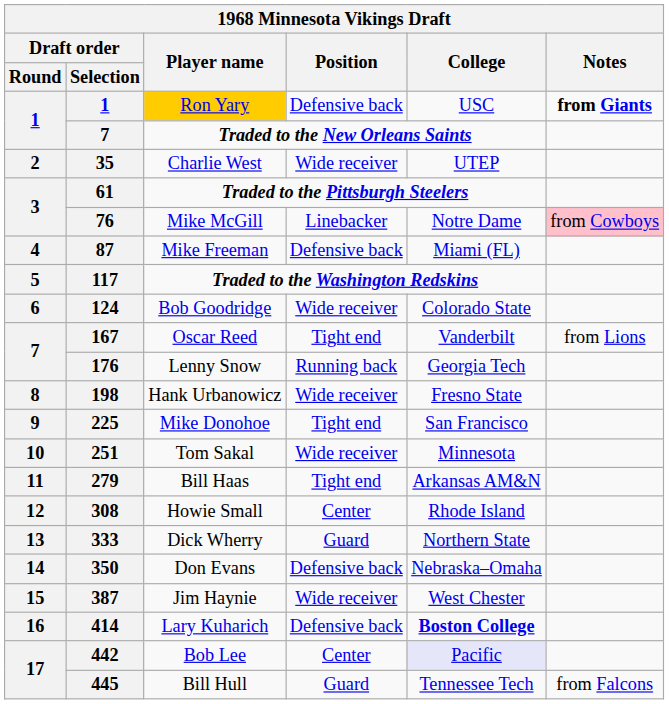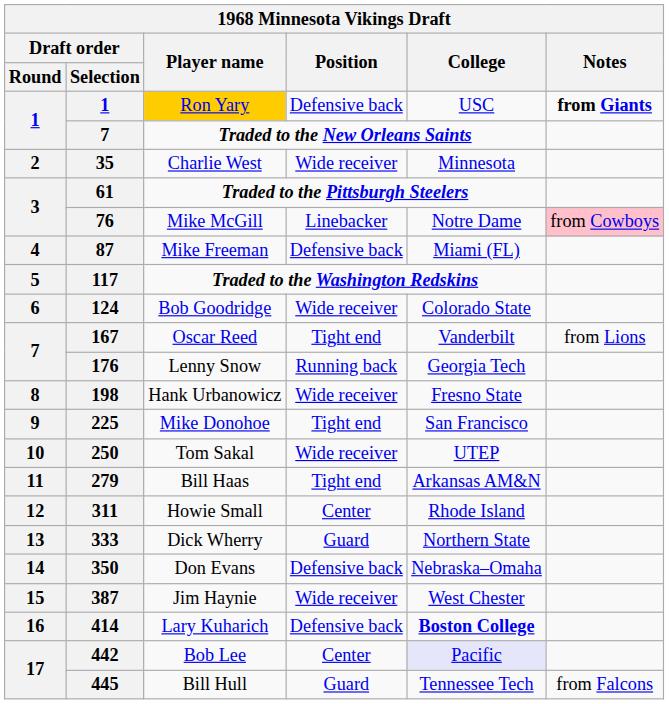 <table class="wikitable" style="text-align:center">
 <tr>
 <th colspan="6">1968 Minnesota Vikings Draft</th>
 </tr>
 <tr>
 <th colspan="2">Draft order</th>
 <th rowspan="2">Player name</th>
 <th rowspan="2">Position</th>
 <th rowspan="2">College</th>
 <th rowspan="2">Notes</th>
 </tr>
 <tr>
 <th>Round</th>
 <th>Selection</th>
 </tr>
 <tr>
 <th rowspan="2"><a href='#'>1</a></th>
 <th><a href='#'>1</a></th>
 <td bgcolor=#FFCC00><a href='#'>Ron Yary</a></td>
 <td><a href='#'>Defensive back</a></td>
 <td><a href='#'>USC</a></td>
 <td><strong>from <a href='#'>Giants</a></strong></td>
 </tr>
 <tr>
 <th>7</th>
 <td colspan="3"><strong><em>Traded to the <a href='#'>New Orleans Saints</a></em></strong></td>
 <td></td>
 </tr>
 <tr>
 <th>2</th>
 <th>35</th>
 <td><a href='#'>Charlie West</a></td>
 <td><a href='#'>Wide receiver</a></td>
-<td><a href='#'>UTEP</a></td>
+<td><a href='#'>Minnesota</a></td>
 <td></td>
 </tr>
 <tr>
 <th rowspan="2">3</th>
 <th>61</th>
 <td colspan="3"><strong><em>Traded to the <a href='#'>Pittsburgh Steelers</a></em></strong></td>
 <td></td>
 </tr>
 <tr>
 <th>76</th>
 <td><a href='#'>Mike McGill</a></td>
 <td><a href='#'>Linebacker</a></td>
 <td><a href='#'>Notre Dame</a></td>
 <td style="background: pink;">from <a href='#'>Cowboys</a></td>
 </tr>
 <tr>
 <th>4</th>
 <th>87</th>
 <td><a href='#'>Mike Freeman</a></td>
 <td><a href='#'>Defensive back</a></td>
 <td><a href='#'>Miami (FL)</a></td>
 <td></td>
 </tr>
 <tr>
 <th>5</th>
 <th>117</th>
 <td colspan="3"><strong><em>Traded to the <a href='#'>Washington Redskins</a></em></strong></td>
 <td></td>
 </tr>
 <tr>
 <th>6</th>
 <th>124</th>
 <td><a href='#'>Bob Goodridge</a></td>
 <td><a href='#'>Wide receiver</a></td>
 <td><a href='#'>Colorado State</a></td>
 <td></td>
 </tr>
 <tr>
 <th rowspan="2">7</th>
 <th>167</th>
 <td><a href='#'>Oscar Reed</a></td>
 <td><a href='#'>Tight end</a></td>
 <td><a href='#'>Vanderbilt</a></td>
 <td>from <a href='#'>Lions</a></td>
 </tr>
 <tr>
 <th>176</th>
 <td>Lenny Snow</td>
 <td><a href='#'>Running back</a></td>
 <td><a href='#'>Georgia Tech</a></td>
 <td></td>
 </tr>
 <tr>
 <th>8</th>
 <th>198</th>
 <td>Hank Urbanowicz</td>
 <td><a href='#'>Wide receiver</a></td>
 <td><a href='#'>Fresno State</a></td>
 <td></td>
 </tr>
 <tr>
 <th>9</th>
 <th>225</th>
 <td><a href='#'>Mike Donohoe</a></td>
 <td><a href='#'>Tight end</a></td>
 <td><a href='#'>San Francisco</a></td>
 <td></td>
 </tr>
 <tr>
 <th>10</th>
-<th>251</th>
+<th>250</th>
 <td>Tom Sakal</td>
 <td><a href='#'>Wide receiver</a></td>
-<td><a href='#'>Minnesota</a></td>
+<td><a href='#'>UTEP</a></td>
 <td></td>
 </tr>
 <tr>
 <th>11</th>
 <th>279</th>
 <td>Bill Haas</td>
 <td><a href='#'>Tight end</a></td>
 <td><a href='#'>Arkansas AM&N</a></td>
 <td></td>
 </tr>
 <tr>
 <th>12</th>
-<th>308</th>
+<th>311</th>
 <td>Howie Small</td>
 <td><a href='#'>Center</a></td>
 <td><a href='#'>Rhode Island</a></td>
 <td></td>
 </tr>
 <tr>
 <th>13</th>
 <th>333</th>
 <td>Dick Wherry</td>
 <td><a href='#'>Guard</a></td>
 <td><a href='#'>Northern State</a></td>
 <td></td>
 </tr>
 <tr>
 <th>14</th>
 <th>350</th>
 <td>Don Evans</td>
 <td><a href='#'>Defensive back</a></td>
 <td><a href='#'>Nebraska–Omaha</a></td>
 <td></td>
 </tr>
 <tr>
 <th>15</th>
 <th>387</th>
 <td>Jim Haynie</td>
 <td><a href='#'>Wide receiver</a></td>
 <td><a href='#'>West Chester</a></td>
 <td></td>
 </tr>
 <tr>
 <th>16</th>
 <th>414</th>
 <td><a href='#'>Lary Kuharich</a></td>
 <td><a href='#'>Defensive back</a></td>
 <td><strong><a href='#'>Boston College</a></strong></td>
 <td></td>
 </tr>
 <tr>
 <th rowspan="2">17</th>
 <th>442</th>
 <td><a href='#'>Bob Lee</a></td>
 <td><a href='#'>Center</a></td>
 <td style="background: lavender;"><a href='#'>Pacific</a></td>
 <td></td>
 </tr>
 <tr>
 <th>445</th>
 <td>Bill Hull</td>
 <td><a href='#'>Guard</a></td>
 <td><a href='#'>Tennessee Tech</a></td>
 <td>from <a href='#'>Falcons</a></td>
 </tr>
 </table>
